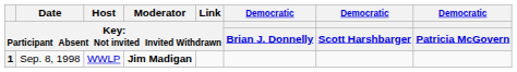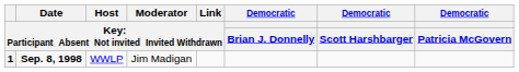 <table class="wikitable" style="text-align:center;">
 <tr>
 <th scope="col"></th>
 <th scope="col">Date</th>
 <th scope="col">Host</th>
 <th scope="col">Moderator</th>
 <th scope="col">Link</th>
 <th scope="col"><small><a href='#'>Democratic</a></small></th>
 <th scope="col"><small><a href='#'>Democratic</a></small></th>
 <th scope="col"><small><a href='#'>Democratic</a></small></th>
 </tr>
 <tr>
 <th colspan="5" rowspan="2">Key:<br> <small>Participant </small>  <small>Absent </small>  <small>Not invited </small>  <small>Invited  Withdrawn</small></th>
 <th scope="col" style="background:"></th>
 <th scope="col" style="background:"></th>
 <th scope="col" style="background:"></th>
 </tr>
 <tr>
 <th scope="col"><a href='#'>Brian J. Donnelly</a></th>
 <th scope="col"><a href='#'>Scott Harshbarger</a></th>
 <th scope="col"><a href='#'>Patricia McGovern</a></th>
 </tr>
 <tr>
 <th>1</th>
-<td style="white-space:nowrap;">Sep. 8, 1998</td>
+<td style="white-space:nowrap;"><strong>Sep. 8, 1998</strong></td>
 <td style="white-space:nowrap;"><a href='#'>WWLP</a></td>
-<td style="white-space:nowrap;"><strong>Jim Madigan</strong></td>
+<td style="white-space:nowrap;">Jim Madigan</td>
 <td style="white-space:nowrap;"></td>
 <td></td>
 <td></td>
 <td></td>
 </tr>
 </table>
